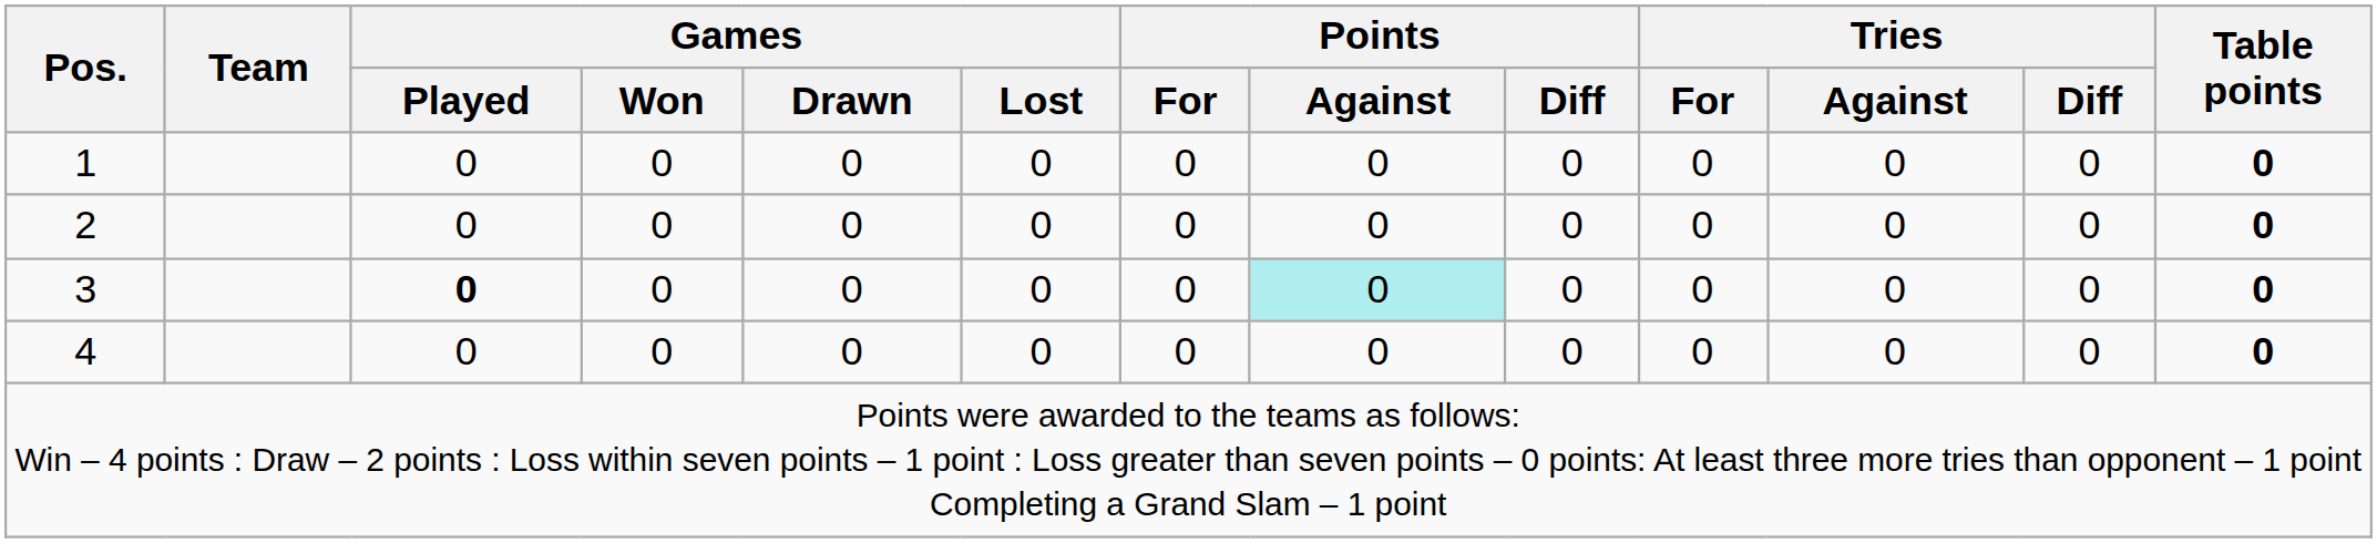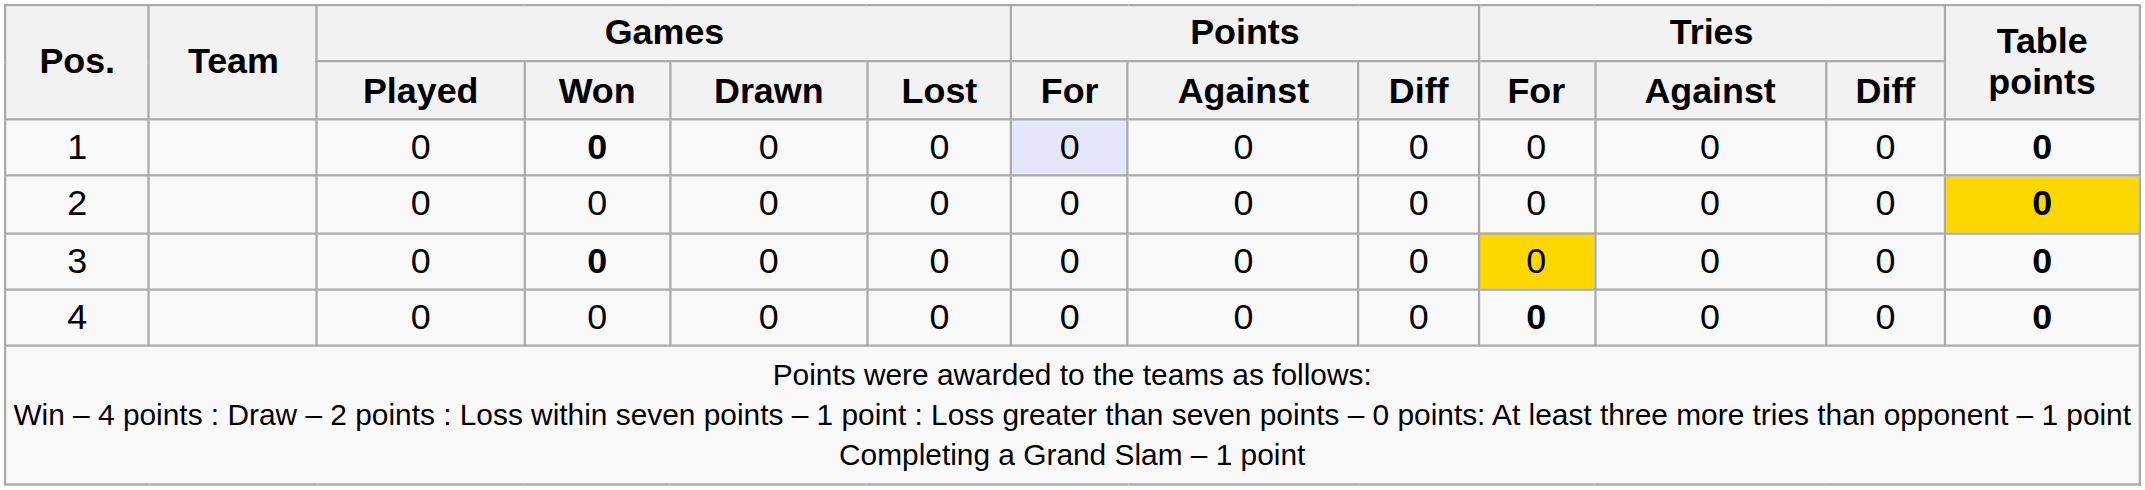 <table class="wikitable" style="text-align:center">
 <tr>
 <th rowspan="2">Pos.</th>
 <th rowspan="2">Team</th>
 <th colspan="4">Games</th>
 <th colspan="3">Points</th>
 <th colspan="3">Tries</th>
 <th rowspan="2">Table<br>points</th>
 </tr>
 <tr>
 <th>Played</th>
 <th>Won</th>
 <th>Drawn</th>
 <th>Lost</th>
 <th>For</th>
 <th>Against</th>
 <th>Diff</th>
 <th>For</th>
 <th>Against</th>
 <th>Diff</th>
 </tr>
 <tr>
 <td>1</td>
 <td align=left></td>
 <td>0</td>
+<td><strong>0</strong></td>
 <td>0</td>
 <td>0</td>
-<td>0</td>
-<td>0</td>
+<td style="background: lavender;">0</td>
 <td>0</td>
 <td>0</td>
 <td>0</td>
 <td>0</td>
 <td>0</td>
 <td><strong>0</strong></td>
 </tr>
 <tr>
 <td>2</td>
 <td align=left></td>
 <td>0</td>
 <td>0</td>
 <td>0</td>
 <td>0</td>
 <td>0</td>
 <td>0</td>
 <td>0</td>
 <td>0</td>
 <td>0</td>
 <td>0</td>
-<td><strong>0</strong></td>
+<td style="background: gold;"><strong>0</strong></td>
 </tr>
 <tr>
 <td>3</td>
 <td align=left></td>
+<td>0</td>
 <td><strong>0</strong></td>
 <td>0</td>
 <td>0</td>
 <td>0</td>
 <td>0</td>
-<td style="background: paleturquoise;">0</td>
 <td>0</td>
-<td>0</td>
+<td style="background: gold;">0</td>
 <td>0</td>
 <td>0</td>
 <td><strong>0</strong></td>
 </tr>
 <tr>
 <td>4</td>
 <td align=left></td>
 <td>0</td>
 <td>0</td>
 <td>0</td>
 <td>0</td>
 <td>0</td>
 <td>0</td>
 <td>0</td>
-<td>0</td>
+<td><strong>0</strong></td>
 <td>0</td>
 <td>0</td>
 <td><strong>0</strong></td>
 </tr>
 <tr>
 <td colspan="13"><small>Points were awarded to the teams as follows:<br>Win – 4 points : Draw – 2 points : Loss within seven points – 1 point : Loss greater than seven points – 0 points: At least three more tries than opponent – 1 point<br>Completing a Grand Slam – 1 point </small></td>
 </tr>
 </table>
